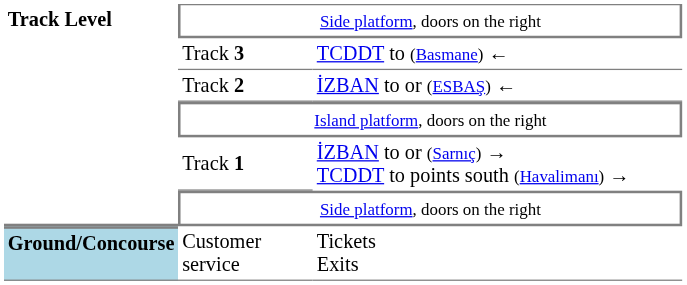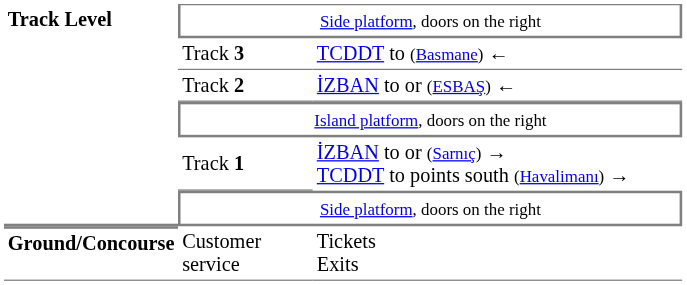 <table table border=0 cellspacing=0 cellpadding=3>
 <tr>
 <td style="border-bottom:solid 2px gray;" rowspan=6 valign=top><strong>Track Level</strong></td>
 <td style="border-top:solid 1px gray;border-right:solid 2px gray;border-left:solid 2px gray;border-bottom:solid 2px gray;text-align:center;" colspan=2><small><a href='#'>Side platform</a>, doors on the right</small></td>
 </tr>
 <tr>
 <td style="border-bottom:solid 1px gray;">Track <strong>3</strong></td>
 <td style="border-bottom:solid 1px gray;"><a href='#'>TCDDT</a> to  <small>(<a href='#'>Basmane</a>)</small> ←</td>
 </tr>
 <tr>
 <td style="border-bottom:solid 1px gray;">Track <strong>2</strong></td>
 <td style="border-bottom:solid 1px gray;"><a href='#'>İZBAN</a> to  or  <small>(<a href='#'>ESBAŞ</a>)</small> ←</td>
 </tr>
 <tr>
 <td style="border-top:solid 2px gray;border-right:solid 2px gray;border-left:solid 2px gray;border-bottom:solid 2px gray;text-align:center;" colspan=2><small><a href='#'>Island platform</a>, doors on the right</small></td>
 </tr>
 <tr>
 <td style="border-bottom:solid 1px gray;">Track <strong>1</strong></td>
 <td><a href='#'>İZBAN</a> to  or  <small>(<a href='#'>Sarnıç</a>)</small> → <br><a href='#'>TCDDT</a> to points south <small>(<a href='#'>Havalimanı</a>)</small> →</td>
 </tr>
 <tr>
 <td style="border-top:solid 2px gray;border-right:solid 2px gray;border-left:solid 2px gray;border-bottom:solid 2px gray;text-align:center;" colspan=2><small><a href='#'>Side platform</a>, doors on the right</small></td>
 </tr>
 <tr>
-<td style="background: lightblue; border-bottom:solid 1px gray;border-top:solid 2px gray;" width=50 valign=top><strong>Ground/Concourse</strong></td>
+<td style="border-bottom:solid 1px gray;border-top:solid 2px gray;" width=50 valign=top><strong>Ground/Concourse</strong></td>
 <td style="border-top:solid 0 gray;border-bottom:solid 1px gray;" width=100 valign=top>Customer service</td>
 <td style="border-top:solid 0 gray;border-bottom:solid 1px gray;" width=285 valign=top>Tickets<br>Exits</td>
 </tr>
 <tr>
 </tr>
 </table>
